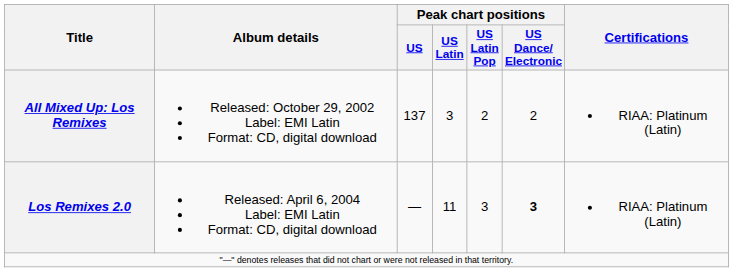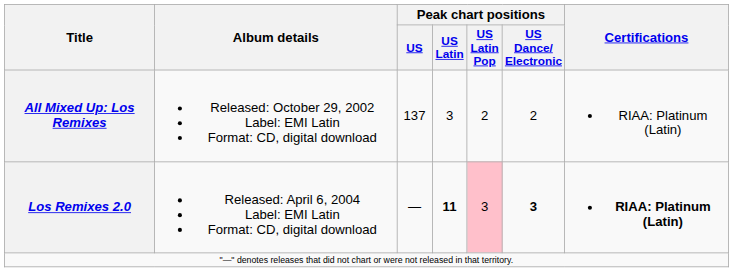 <table class="wikitable plainrowheaders" style="text-align:center;">
 <tr>
 <th scope="col" rowspan="2" style="width:11em;">Title</th>
 <th scope="col" rowspan="2" style="width:18em;">Album details</th>
 <th scope="col" colspan="4">Peak chart positions</th>
 <th scope="col" rowspan="2" style="width:12em;"><a href='#'>Certifications</a></th>
 </tr>
 <tr>
 <th scope="col" style="width:2.5em;font-size:90%;"><a href='#'>US</a><br></th>
 <th scope="col" style="width:2.5em;font-size:90%;"><a href='#'>US Latin</a><br></th>
 <th scope="col" style="width:2.5em;font-size:90%;"><a href='#'>US Latin Pop</a><br></th>
 <th scope="col" style="width:2.5em;font-size:90%;"><a href='#'>US Dance/<br>Electronic</a><br></th>
 </tr>
 <tr>
 <th scope="row"><em><a href='#'>All Mixed Up: Los Remixes</a></em></th>
 <td><br><ul><li>Released: October 29, 2002</li><li>Label: EMI Latin</li><li>Format: CD, digital download</li></ul></td>
 <td>137</td>
 <td>3</td>
 <td>2</td>
 <td>2</td>
 <td><br><ul><li>RIAA: Platinum (Latin)</li></ul></td>
 </tr>
 <tr>
 <th scope="row"><em><a href='#'>Los Remixes 2.0</a></em></th>
 <td><br><ul><li>Released: April 6, 2004</li><li>Label: EMI Latin</li><li>Format: CD, digital download</li></ul></td>
 <td>—</td>
-<td>11</td>
-<td>3</td>
+<td><strong>11</strong></td>
+<td style="background: pink;">3</td>
 <td><strong>3</strong></td>
-<td><br><ul><li>RIAA: Platinum (Latin)</li></ul></td>
+<td><strong><br><ul><li>RIAA: Platinum (Latin)</li></ul></strong></td>
 </tr>
 <tr>
 <td colspan="14" align="center" style="font-size:8pt">"—" denotes releases that did not chart or were not released in that territory.</td>
 </tr>
 </table>
